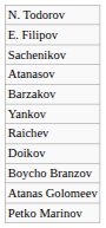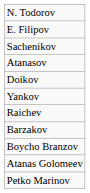 <table class="wikitable">
 <tr>
 <td>N. Todorov</td>
 </tr>
 <tr>
 <td>E. Filipov</td>
 </tr>
 <tr>
 <td>Sachenikov</td>
 </tr>
 <tr>
 <td>Atanasov</td>
 </tr>
 <tr>
-<td>Barzakov</td>
+<td>Doikov</td>
 </tr>
 <tr>
 <td>Yankov</td>
 </tr>
 <tr>
 <td>Raichev</td>
 </tr>
 <tr>
-<td>Doikov</td>
+<td>Barzakov</td>
 </tr>
 <tr>
 <td>Boycho Branzov</td>
 </tr>
 <tr>
 <td>Atanas Golomeev</td>
 </tr>
 <tr>
 <td>Petko Marinov</td>
 </tr>
 </table>
